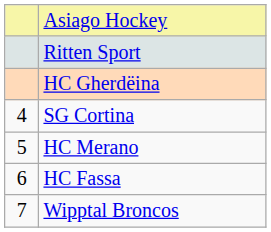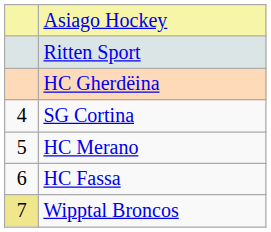 <table class="wikitable" style="width:210px;">
 <tr style="background:#F7F6A8;">
 <td align=center style="width:20px;"></td>
 <td><a href='#'>Asiago Hockey</a></td>
 </tr>
 <tr style="background:#DCE5E5;">
 <td align=center></td>
 <td><a href='#'>Ritten Sport</a></td>
 </tr>
 <tr style="background:#FFDAB9;">
 <td align=center></td>
 <td><a href='#'>HC Gherdëina</a></td>
 </tr>
 <tr>
 <td align=center>4</td>
 <td><a href='#'>SG Cortina</a></td>
 </tr>
 <tr>
 <td align=center>5</td>
 <td><a href='#'>HC Merano</a></td>
 </tr>
 <tr>
 <td align=center>6</td>
 <td><a href='#'>HC Fassa</a></td>
 </tr>
 <tr>
-<td align=center>7</td>
+<td align=center style="background: khaki;">7</td>
 <td><a href='#'>Wipptal Broncos</a></td>
 </tr>
 </table>
